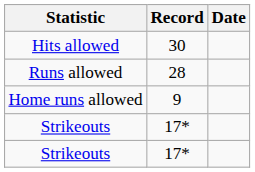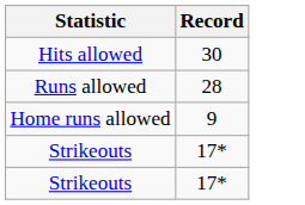 <table class="wikitable sortable" style="text-align:center">
 <tr>
 <th>Statistic</th>
 <th class="unsortable">Record</th>
-<th>Date</th>
 </tr>
 <tr>
 <td><a href='#'>Hits allowed</a></td>
 <td>30</td>
-<td></td>
 </tr>
 <tr>
 <td><a href='#'>Runs</a> allowed</td>
 <td>28</td>
-<td></td>
 </tr>
 <tr>
 <td><a href='#'>Home runs</a> allowed</td>
 <td>9</td>
-<td></td>
 </tr>
 <tr>
 <td><a href='#'>Strikeouts</a></td>
 <td>17*</td>
-<td></td>
 </tr>
 <tr>
 <td><a href='#'>Strikeouts</a></td>
 <td>17*</td>
-<td></td>
 </tr>
 </table>
